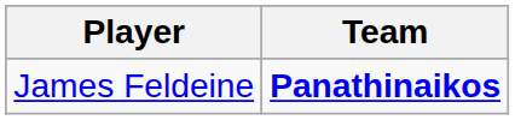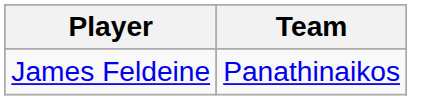 <table class="wikitable">
 <tr>
 <th>Player</th>
 <th>Team</th>
 </tr>
 <tr>
 <td> <a href='#'>James Feldeine</a></td>
-<td><strong><a href='#'>Panathinaikos</a></strong></td>
+<td><a href='#'>Panathinaikos</a></td>
 </tr>
 </table>
